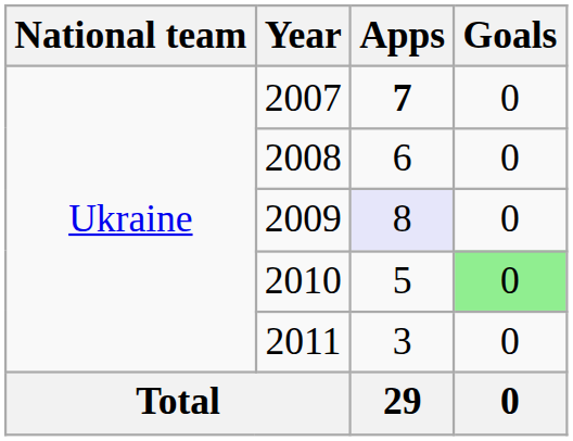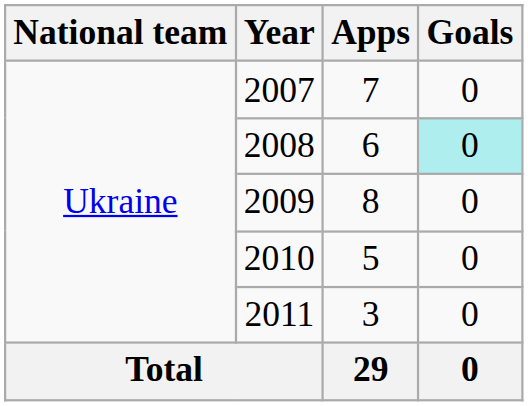 <table class="wikitable" style="text-align:center">
 <tr>
 <th>National team</th>
 <th>Year</th>
 <th>Apps</th>
 <th>Goals</th>
 </tr>
 <tr>
 <td rowspan="5"><a href='#'>Ukraine</a></td>
 <td>2007</td>
-<td><strong>7</strong></td>
+<td>7</td>
 <td>0</td>
 </tr>
 <tr>
 <td>2008</td>
 <td>6</td>
-<td>0</td>
+<td style="background: paleturquoise;">0</td>
 </tr>
 <tr>
 <td>2009</td>
-<td style="background: lavender;">8</td>
+<td>8</td>
 <td>0</td>
 </tr>
 <tr>
 <td>2010</td>
 <td>5</td>
-<td style="background: lightgreen;">0</td>
+<td>0</td>
 </tr>
 <tr>
 <td>2011</td>
 <td>3</td>
 <td>0</td>
 </tr>
 <tr>
 <th colspan="2">Total</th>
 <th>29</th>
 <th>0</th>
 </tr>
 </table>
